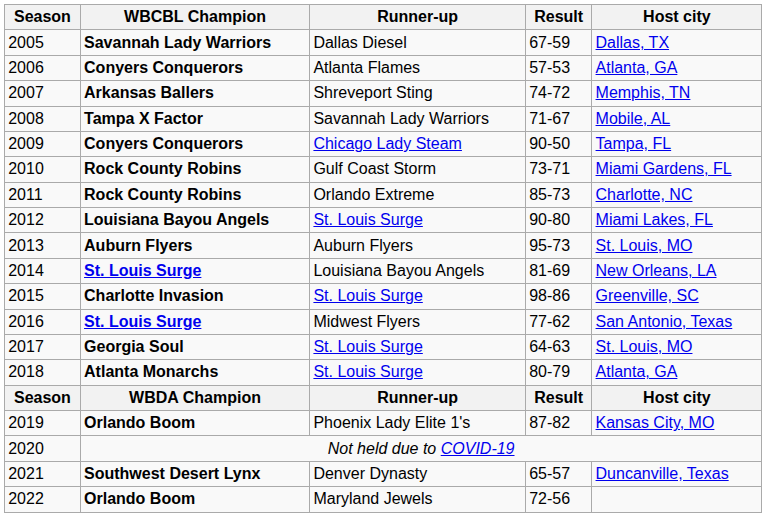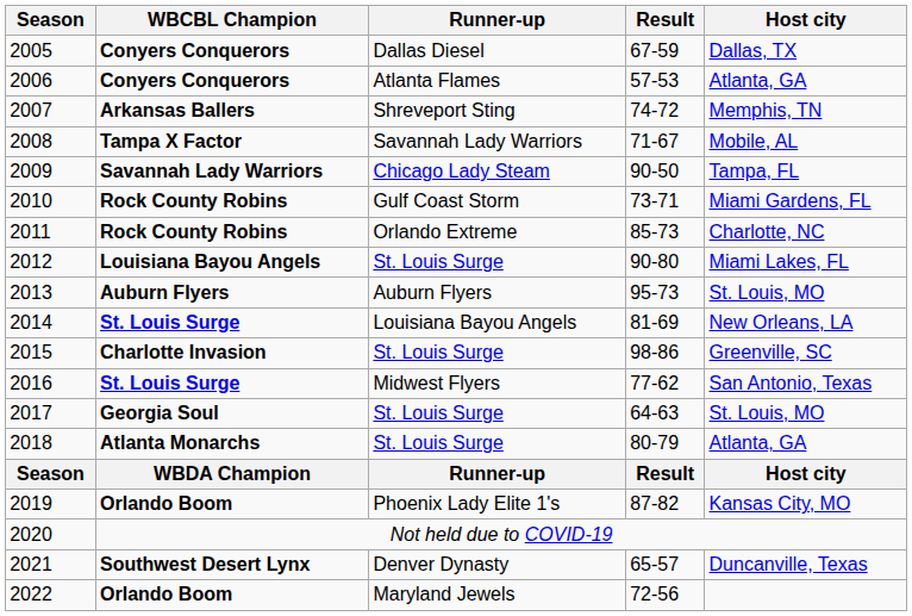 <table class="wikitable" width=60%>
 <tr bgcolor="#efefef">
 <th>Season</th>
 <th>WBCBL Champion</th>
 <th>Runner-up</th>
 <th>Result</th>
 <th>Host city</th>
 </tr>
 <tr>
 <td>2005</td>
-<td><strong>Savannah Lady Warriors</strong></td>
+<td><strong>Conyers Conquerors</strong></td>
 <td>Dallas Diesel</td>
 <td>67-59</td>
 <td><a href='#'>Dallas, TX</a></td>
 </tr>
 <tr>
 <td>2006</td>
 <td><strong>Conyers Conquerors</strong></td>
 <td>Atlanta Flames</td>
 <td>57-53</td>
 <td><a href='#'>Atlanta, GA</a></td>
 </tr>
 <tr>
 <td>2007</td>
 <td><strong>Arkansas Ballers</strong></td>
 <td>Shreveport Sting</td>
 <td>74-72</td>
 <td><a href='#'>Memphis, TN</a></td>
 </tr>
 <tr>
 <td>2008</td>
 <td><strong>Tampa X Factor</strong></td>
 <td>Savannah Lady Warriors</td>
 <td>71-67</td>
 <td><a href='#'>Mobile, AL</a></td>
 </tr>
 <tr>
 <td>2009</td>
-<td><strong>Conyers Conquerors</strong></td>
+<td><strong>Savannah Lady Warriors</strong></td>
 <td><a href='#'>Chicago Lady Steam</a></td>
 <td>90-50</td>
 <td><a href='#'>Tampa, FL</a></td>
 </tr>
 <tr>
 <td>2010</td>
 <td><strong>Rock County Robins</strong></td>
 <td>Gulf Coast Storm</td>
 <td>73-71</td>
 <td><a href='#'>Miami Gardens, FL</a></td>
 </tr>
 <tr>
 <td>2011</td>
 <td><strong>Rock County Robins</strong></td>
 <td>Orlando Extreme</td>
 <td>85-73</td>
 <td><a href='#'>Charlotte, NC</a></td>
 </tr>
 <tr>
 <td>2012</td>
 <td><strong>Louisiana Bayou Angels</strong></td>
 <td><a href='#'>St. Louis Surge</a></td>
 <td>90-80</td>
 <td><a href='#'>Miami Lakes, FL</a></td>
 </tr>
 <tr>
 <td>2013</td>
 <td><strong>Auburn Flyers</strong></td>
 <td>Auburn Flyers</td>
 <td>95-73</td>
 <td><a href='#'>St. Louis, MO</a></td>
 </tr>
 <tr>
 <td>2014</td>
 <td><strong><a href='#'>St. Louis Surge</a></strong></td>
 <td>Louisiana Bayou Angels</td>
 <td>81-69</td>
 <td><a href='#'>New Orleans, LA</a></td>
 </tr>
 <tr>
 <td>2015</td>
 <td><strong>Charlotte Invasion</strong></td>
 <td><a href='#'>St. Louis Surge</a></td>
 <td>98-86</td>
 <td><a href='#'>Greenville, SC</a></td>
 </tr>
 <tr>
 <td>2016</td>
 <td><strong><a href='#'>St. Louis Surge</a></strong></td>
 <td>Midwest Flyers</td>
 <td>77-62</td>
 <td><a href='#'>San Antonio, Texas</a></td>
 </tr>
 <tr>
 <td>2017</td>
 <td><strong>Georgia Soul</strong></td>
 <td><a href='#'>St. Louis Surge</a></td>
 <td>64-63</td>
 <td><a href='#'>St. Louis, MO</a></td>
 </tr>
 <tr>
 <td>2018</td>
 <td><strong>Atlanta Monarchs</strong></td>
 <td><a href='#'>St. Louis Surge</a></td>
 <td>80-79</td>
 <td><a href='#'>Atlanta, GA</a></td>
 </tr>
 <tr>
 <th>Season</th>
 <th>WBDA Champion</th>
 <th>Runner-up</th>
 <th>Result</th>
 <th>Host city</th>
 </tr>
 <tr>
 <td>2019</td>
 <td><strong>Orlando Boom</strong></td>
 <td>Phoenix Lady Elite 1's</td>
 <td>87-82</td>
 <td><a href='#'>Kansas City, MO</a></td>
 </tr>
 <tr>
 <td>2020</td>
 <td colspan=4 align=center><em>Not held due to <a href='#'>COVID-19</a></em></td>
 </tr>
 <tr>
 <td>2021</td>
 <td><strong>Southwest Desert Lynx</strong></td>
 <td>Denver Dynasty</td>
 <td>65-57</td>
 <td><a href='#'>Duncanville, Texas</a></td>
 </tr>
 <tr>
 <td>2022</td>
 <td><strong>Orlando Boom</strong></td>
 <td>Maryland Jewels</td>
 <td>72-56</td>
 <td></td>
 </tr>
 </table>
